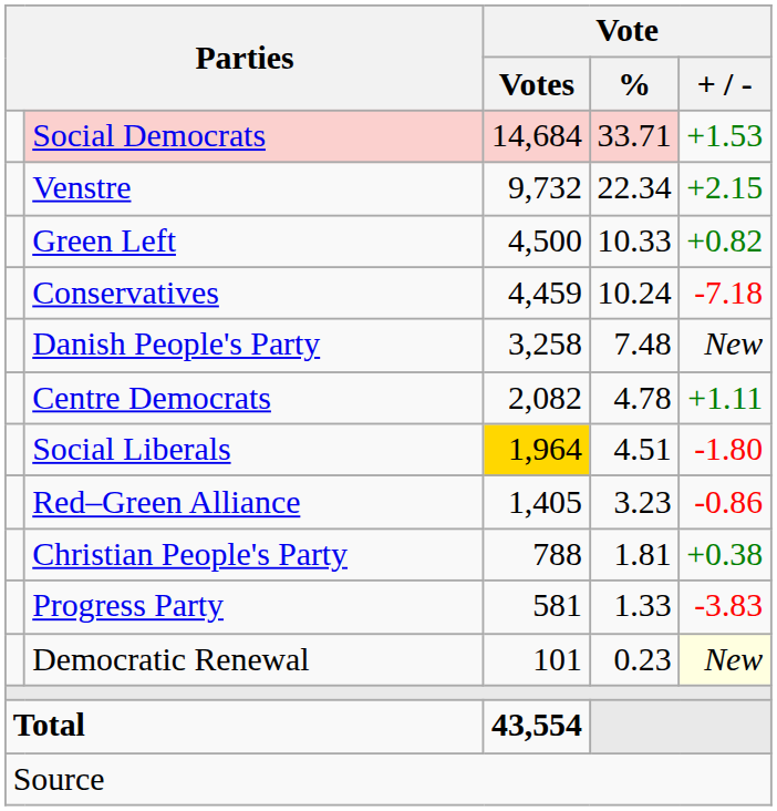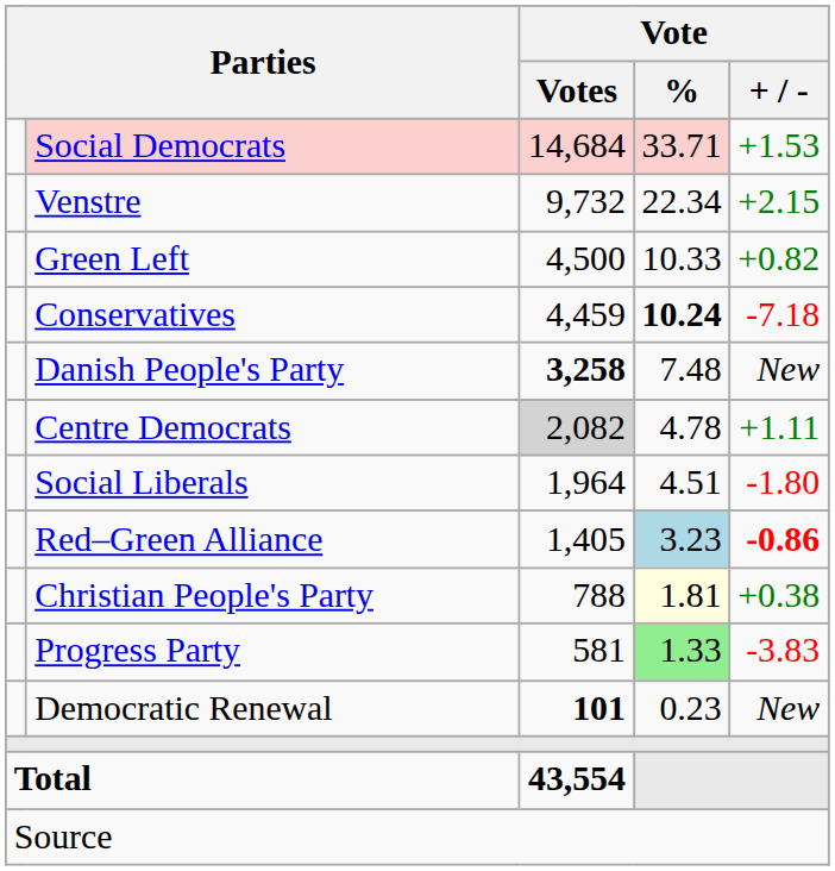 <table class="wikitable" style="text-align:right;">
 <tr>
 <th style="text-align:centre;" rowspan="2" colspan="2" width="225">Parties</th>
 <th colspan="3">Vote</th>
 </tr>
 <tr>
 <th width="15">Votes</th>
 <th width="15">%</th>
 <th width="15">+ / -</th>
 </tr>
 <tr>
 <td width="2" style="color:inherit;background:"></td>
 <td bgcolor=#fbd0ce  align="left"><a href='#'>Social Democrats</a></td>
 <td bgcolor=#fbd0ce>14,684</td>
 <td bgcolor=#fbd0ce>33.71</td>
 <td style=color:green;>+1.53</td>
 </tr>
 <tr>
 <td width="2" style="color:inherit;background:"></td>
 <td align="left"><a href='#'>Venstre</a></td>
 <td>9,732</td>
 <td>22.34</td>
 <td style=color:green;>+2.15</td>
 </tr>
 <tr>
 <td width="2" style="color:inherit;background:"></td>
 <td align="left"><a href='#'>Green Left</a></td>
 <td>4,500</td>
 <td>10.33</td>
 <td style=color:green;>+0.82</td>
 </tr>
 <tr>
 <td width="2" style="color:inherit;background:"></td>
 <td align="left"><a href='#'>Conservatives</a></td>
 <td>4,459</td>
-<td>10.24</td>
+<td><strong>10.24</strong></td>
 <td style=color:red;>-7.18</td>
 </tr>
 <tr>
 <td width="2" style="color:inherit;background:"></td>
 <td align="left"><a href='#'>Danish People's Party</a></td>
-<td>3,258</td>
+<td><strong>3,258</strong></td>
 <td>7.48</td>
 <td><em>New</em></td>
 </tr>
 <tr>
 <td width="2" style="color:inherit;background:"></td>
 <td align="left"><a href='#'>Centre Democrats</a></td>
-<td>2,082</td>
+<td style="background: lightgrey;">2,082</td>
 <td>4.78</td>
 <td style=color:green;>+1.11</td>
 </tr>
 <tr>
 <td width="2" style="color:inherit;background:"></td>
 <td align="left"><a href='#'>Social Liberals</a></td>
-<td style="background: gold;">1,964</td>
+<td>1,964</td>
 <td>4.51</td>
 <td style=color:red;>-1.80</td>
 </tr>
 <tr>
 <td width="2" style="color:inherit;background:"></td>
 <td align="left"><a href='#'>Red–Green Alliance</a></td>
 <td>1,405</td>
-<td>3.23</td>
-<td style=color:red;>-0.86</td>
+<td style="background: lightblue;">3.23</td>
+<td style=color:red;><strong>-0.86</strong></td>
 </tr>
 <tr>
 <td width="2" style="color:inherit;background:"></td>
 <td align="left"><a href='#'>Christian People's Party</a></td>
 <td>788</td>
-<td>1.81</td>
+<td style="background: lightyellow;">1.81</td>
 <td style=color:green;>+0.38</td>
 </tr>
 <tr>
 <td width="2" style="color:inherit;background:"></td>
 <td align="left"><a href='#'>Progress Party</a></td>
 <td>581</td>
-<td>1.33</td>
+<td style="background: lightgreen;">1.33</td>
 <td style=color:red;>-3.83</td>
 </tr>
 <tr>
 <td width="2" style="color:inherit;background:"></td>
 <td align="left">Democratic Renewal</td>
-<td>101</td>
+<td><strong>101</strong></td>
 <td>0.23</td>
-<td style="background: lightyellow;"><em>New</em></td>
+<td><em>New</em></td>
 </tr>
 <tr>
 <td colspan="7" bgcolor="#E9E9E9"></td>
 </tr>
 <tr>
 <td align="left" colspan="2"><strong>Total</strong></td>
 <td><strong>43,554</strong></td>
 <td bgcolor="#E9E9E9" colspan="2"></td>
 </tr>
 <tr>
 <td align="left" colspan="6">Source</td>
 </tr>
 </table>
